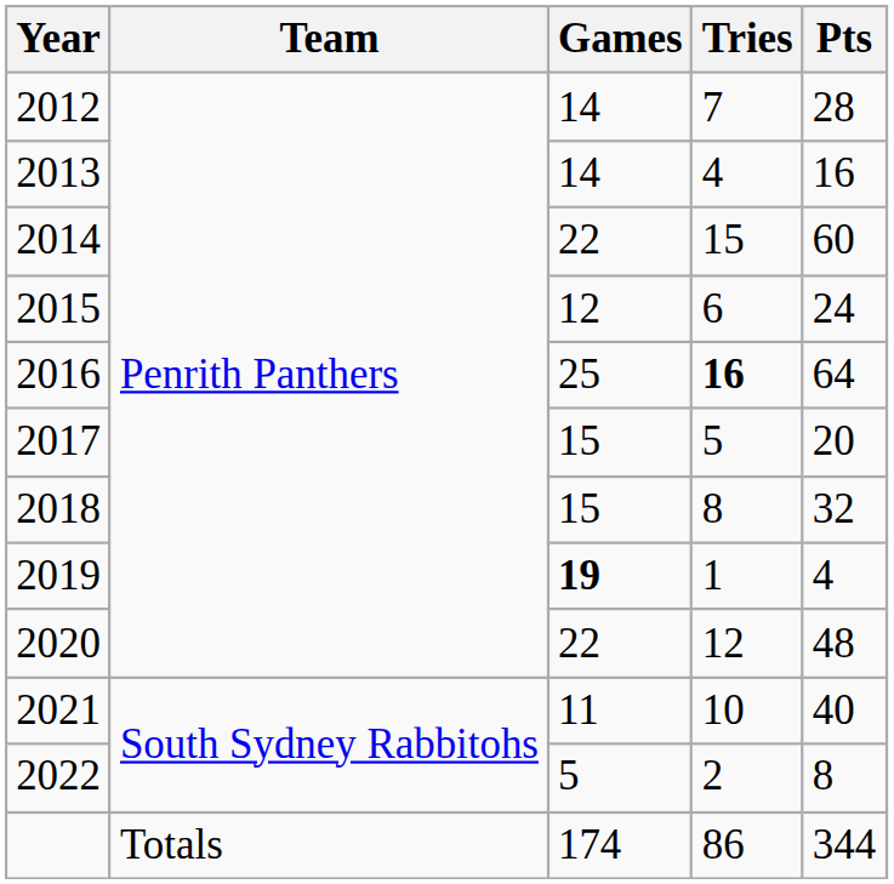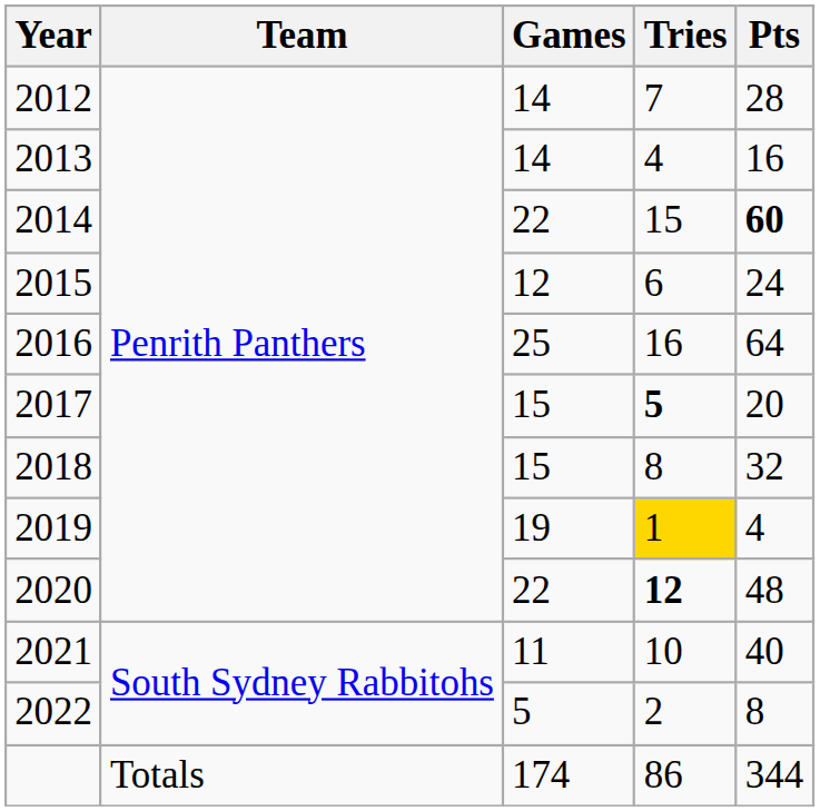 <table class="wikitable">
 <tr>
 <th>Year</th>
 <th>Team</th>
 <th>Games</th>
 <th>Tries</th>
 <th>Pts</th>
 </tr>
 <tr>
 <td>2012</td>
 <td rowspan="9"> <a href='#'>Penrith Panthers</a></td>
 <td>14</td>
 <td>7</td>
 <td>28</td>
 </tr>
 <tr>
 <td>2013</td>
 <td>14</td>
 <td>4</td>
 <td>16</td>
 </tr>
 <tr>
 <td>2014</td>
 <td>22</td>
 <td>15</td>
-<td>60</td>
+<td><strong>60</strong></td>
 </tr>
 <tr>
 <td>2015</td>
 <td>12</td>
 <td>6</td>
 <td>24</td>
 </tr>
 <tr>
 <td>2016</td>
 <td>25</td>
-<td><strong>16</strong></td>
+<td>16</td>
 <td>64</td>
 </tr>
 <tr>
 <td>2017</td>
 <td>15</td>
-<td>5</td>
+<td><strong>5</strong></td>
 <td>20</td>
 </tr>
 <tr>
 <td>2018</td>
 <td>15</td>
 <td>8</td>
 <td>32</td>
 </tr>
 <tr>
 <td>2019</td>
-<td><strong>19</strong></td>
-<td>1</td>
+<td>19</td>
+<td style="background: gold;">1</td>
 <td>4</td>
 </tr>
 <tr>
 <td>2020</td>
 <td>22</td>
-<td>12</td>
+<td><strong>12</strong></td>
 <td>48</td>
 </tr>
 <tr>
 <td>2021</td>
 <td rowspan="2"> <a href='#'>South Sydney Rabbitohs</a></td>
 <td>11</td>
 <td>10</td>
 <td>40</td>
 </tr>
 <tr>
 <td>2022</td>
 <td>5</td>
 <td>2</td>
 <td>8</td>
 </tr>
 <tr>
 <td></td>
 <td>Totals</td>
 <td>174</td>
 <td>86</td>
 <td>344</td>
 </tr>
 </table>
